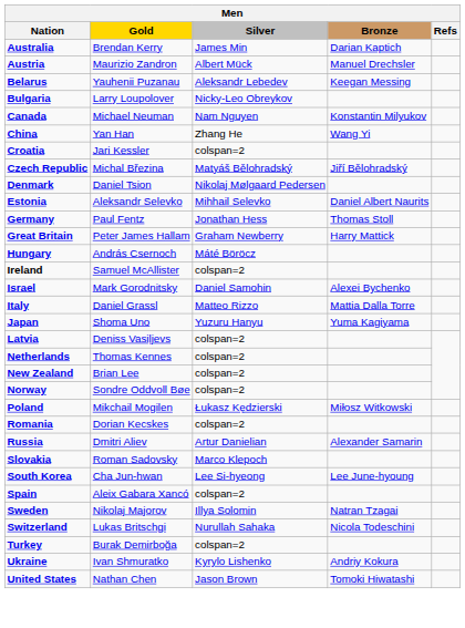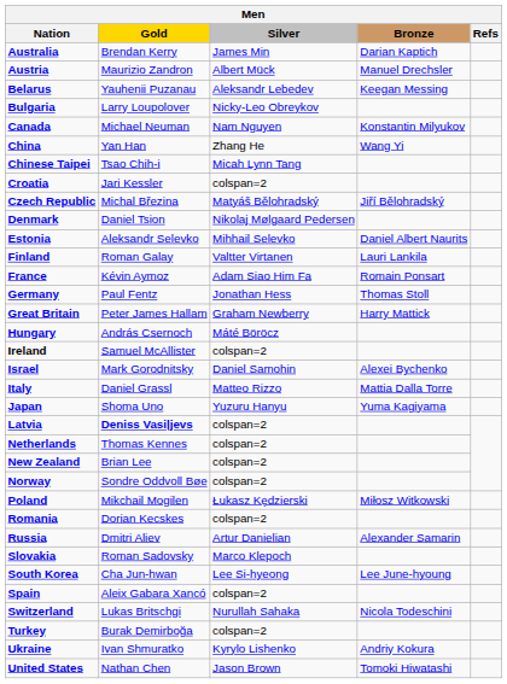 <table class="wikitable">
 <tr>
 <th colspan=5>Men</th>
 </tr>
 <tr>
 <th>Nation</th>
 <td style="text-align:center; background:gold;"><strong>Gold</strong></td>
 <td style="text-align:center; background:silver;"><strong>Silver</strong></td>
 <td style="text-align:center; background:#c96;"><strong>Bronze</strong></td>
 <th>Refs</th>
 </tr>
 <tr>
 <td><strong> <a href='#'>Australia</a></strong></td>
 <td><a href='#'>Brendan Kerry</a></td>
 <td><a href='#'>James Min</a></td>
 <td><a href='#'>Darian Kaptich</a></td>
 <td></td>
 </tr>
 <tr>
 <td><strong> <a href='#'>Austria</a></strong></td>
 <td><a href='#'>Maurizio Zandron</a></td>
 <td><a href='#'>Albert Mück</a></td>
 <td><a href='#'>Manuel Drechsler</a></td>
 <td></td>
 </tr>
 <tr>
 <td><strong> <a href='#'>Belarus</a></strong></td>
 <td><a href='#'>Yauhenii Puzanau</a></td>
 <td><a href='#'>Aleksandr Lebedev</a></td>
 <td><a href='#'>Keegan Messing</a></td>
 <td></td>
 </tr>
 <tr>
 <td><strong> <a href='#'>Bulgaria</a></strong></td>
 <td><a href='#'>Larry Loupolover</a></td>
 <td><a href='#'>Nicky-Leo Obreykov</a></td>
 <td></td>
 <td></td>
 </tr>
 <tr>
 <td><strong> <a href='#'>Canada</a></strong></td>
 <td><a href='#'>Michael Neuman</a></td>
 <td><a href='#'>Nam Nguyen</a></td>
 <td><a href='#'>Konstantin Milyukov</a></td>
 <td></td>
 </tr>
 <tr>
 <td><strong> <a href='#'>China</a></strong></td>
 <td><a href='#'>Yan Han</a></td>
 <td>Zhang He</td>
 <td><a href='#'>Wang Yi</a></td>
 <td></td>
 </tr>
 <tr>
+<td><strong> <a href='#'>Chinese Taipei</a></strong></td>
+<td><a href='#'>Tsao Chih-i</a></td>
+<td><a href='#'>Micah Lynn Tang</a></td>
+<td></td>
+<td></td>
+</tr>
+<tr>
 <td><strong> <a href='#'>Croatia</a></strong></td>
 <td><a href='#'>Jari Kessler</a></td>
 <td>colspan=2 </td>
 <td></td>
 </tr>
 <tr>
 <td><strong> <a href='#'>Czech Republic</a></strong></td>
 <td><a href='#'>Michal Březina</a></td>
 <td><a href='#'>Matyáš Bělohradský</a></td>
 <td><a href='#'>Jiří Bělohradský</a></td>
 <td></td>
 </tr>
 <tr>
 <td><strong> <a href='#'>Denmark</a></strong></td>
 <td><a href='#'>Daniel Tsion</a></td>
 <td><a href='#'>Nikolaj Mølgaard Pedersen</a></td>
 <td></td>
 <td></td>
 </tr>
 <tr>
 <td><strong> <a href='#'>Estonia</a></strong></td>
 <td><a href='#'>Aleksandr Selevko</a></td>
 <td><a href='#'>Mihhail Selevko</a></td>
 <td><a href='#'>Daniel Albert Naurits</a></td>
+<td></td>
+</tr>
+<tr>
+<td><strong> <a href='#'>Finland</a></strong></td>
+<td><a href='#'>Roman Galay</a></td>
+<td><a href='#'>Valtter Virtanen</a></td>
+<td><a href='#'>Lauri Lankila</a></td>
+<td></td>
+</tr>
+<tr>
+<td><strong> <a href='#'>France</a></strong></td>
+<td><a href='#'>Kévin Aymoz</a></td>
+<td><a href='#'>Adam Siao Him Fa</a></td>
+<td><a href='#'>Romain Ponsart</a></td>
 <td></td>
 </tr>
 <tr>
 <td><strong> <a href='#'>Germany</a></strong></td>
 <td><a href='#'>Paul Fentz</a></td>
 <td><a href='#'>Jonathan Hess</a></td>
 <td><a href='#'>Thomas Stoll</a></td>
 <td></td>
 </tr>
 <tr>
 <td><strong> <a href='#'>Great Britain</a></strong></td>
 <td><a href='#'>Peter James Hallam</a></td>
 <td><a href='#'>Graham Newberry</a></td>
 <td><a href='#'>Harry Mattick</a></td>
 <td></td>
 </tr>
 <tr>
 <td><strong> <a href='#'>Hungary</a></strong></td>
 <td><a href='#'>András Csernoch</a></td>
 <td><a href='#'>Máté Böröcz</a></td>
 <td></td>
 <td></td>
 </tr>
 <tr>
 <td><strong> Ireland</strong></td>
 <td><a href='#'>Samuel McAllister</a></td>
 <td>colspan=2 </td>
 <td></td>
 </tr>
 <tr>
 <td><strong> <a href='#'>Israel</a></strong></td>
 <td><a href='#'>Mark Gorodnitsky</a></td>
 <td><a href='#'>Daniel Samohin</a></td>
 <td><a href='#'>Alexei Bychenko</a></td>
 <td></td>
 </tr>
 <tr>
 <td><strong> <a href='#'>Italy</a></strong></td>
 <td><a href='#'>Daniel Grassl</a></td>
 <td><a href='#'>Matteo Rizzo</a></td>
 <td><a href='#'>Mattia Dalla Torre</a></td>
 <td></td>
 </tr>
 <tr>
 <td><strong> <a href='#'>Japan</a></strong></td>
 <td><a href='#'>Shoma Uno</a></td>
 <td><a href='#'>Yuzuru Hanyu</a></td>
 <td><a href='#'>Yuma Kagiyama</a></td>
 <td></td>
 </tr>
 <tr>
 <td><strong> <a href='#'>Latvia</a></strong></td>
-<td><a href='#'>Deniss Vasiļjevs</a></td>
+<td><strong><a href='#'>Deniss Vasiļjevs</a></strong></td>
 <td>colspan=2 </td>
 <td></td>
 </tr>
 <tr>
 <td><strong> <a href='#'>Netherlands</a></strong></td>
 <td><a href='#'>Thomas Kennes</a></td>
 <td>colspan=2 </td>
 <td></td>
 </tr>
 <tr>
 <td><strong> <a href='#'>New Zealand</a></strong></td>
 <td><a href='#'>Brian Lee</a></td>
 <td>colspan=2 </td>
 <td></td>
 </tr>
 <tr>
 <td><strong> <a href='#'>Norway</a></strong></td>
 <td><a href='#'>Sondre Oddvoll Bøe</a></td>
 <td>colspan=2 </td>
 <td></td>
 </tr>
 <tr>
 <td><strong> <a href='#'>Poland</a></strong></td>
 <td><a href='#'>Mikchail Mogilen</a></td>
 <td><a href='#'>Łukasz Kędzierski</a></td>
 <td><a href='#'>Miłosz Witkowski</a></td>
 <td></td>
 </tr>
 <tr>
 <td><strong> <a href='#'>Romania</a></strong></td>
 <td><a href='#'>Dorian Kecskes</a></td>
 <td>colspan=2  </td>
 <td></td>
 </tr>
 <tr>
 <td><strong> <a href='#'>Russia</a></strong></td>
 <td><a href='#'>Dmitri Aliev</a></td>
 <td><a href='#'>Artur Danielian</a></td>
 <td><a href='#'>Alexander Samarin</a></td>
 <td></td>
 </tr>
 <tr>
 <td><strong> <a href='#'>Slovakia</a></strong></td>
 <td><a href='#'>Roman Sadovsky</a></td>
 <td><a href='#'>Marco Klepoch</a></td>
 <td></td>
 <td></td>
 </tr>
 <tr>
 <td><strong> <a href='#'>South Korea</a></strong></td>
 <td><a href='#'>Cha Jun-hwan</a></td>
 <td><a href='#'>Lee Si-hyeong</a></td>
 <td><a href='#'>Lee June-hyoung</a></td>
 <td></td>
 </tr>
 <tr>
 <td><strong> <a href='#'>Spain</a></strong></td>
 <td><a href='#'>Aleix Gabara Xancó</a></td>
 <td>colspan=2 </td>
 <td></td>
 </tr>
 <tr>
-<td><strong> <a href='#'>Sweden</a></strong></td>
-<td><a href='#'>Nikolaj Majorov</a></td>
-<td><a href='#'>Illya Solomin</a></td>
-<td><a href='#'>Natran Tzagai</a></td>
-<td></td>
-</tr>
-<tr>
 <td><strong> <a href='#'>Switzerland</a></strong></td>
 <td><a href='#'>Lukas Britschgi</a></td>
 <td><a href='#'>Nurullah Sahaka</a></td>
 <td><a href='#'>Nicola Todeschini</a></td>
 <td></td>
 </tr>
 <tr>
 <td><strong> <a href='#'>Turkey</a></strong></td>
 <td><a href='#'>Burak Demirboğa</a></td>
 <td>colspan=2 </td>
 <td></td>
 </tr>
 <tr>
 <td><strong> <a href='#'>Ukraine</a></strong></td>
 <td><a href='#'>Ivan Shmuratko</a></td>
 <td><a href='#'>Kyrylo Lishenko</a></td>
 <td><a href='#'>Andriy Kokura</a></td>
 <td></td>
 </tr>
 <tr>
 <td><strong> <a href='#'>United States</a></strong></td>
 <td><a href='#'>Nathan Chen</a></td>
 <td><a href='#'>Jason Brown</a></td>
 <td><a href='#'>Tomoki Hiwatashi</a></td>
 <td></td>
 </tr>
 </table>
